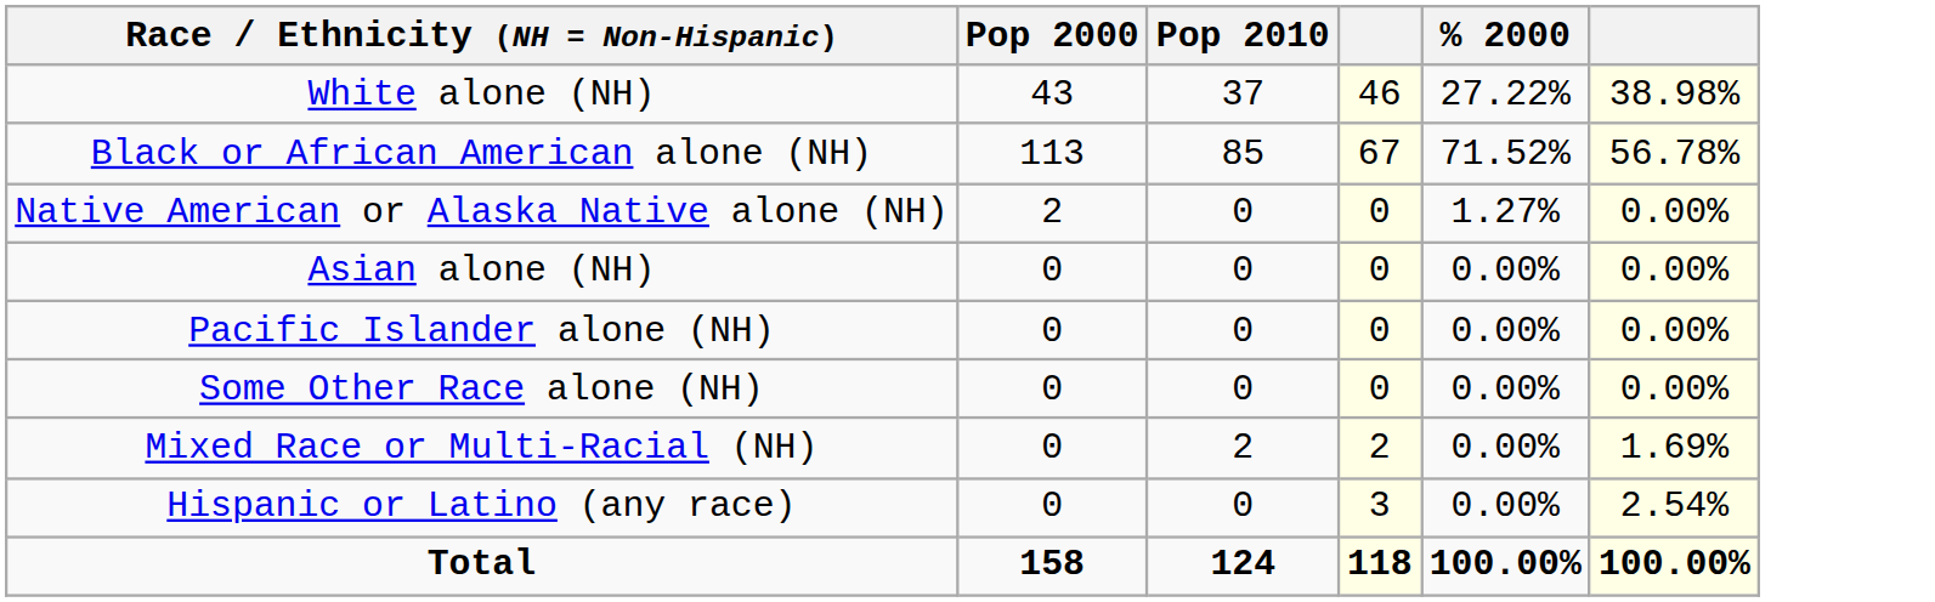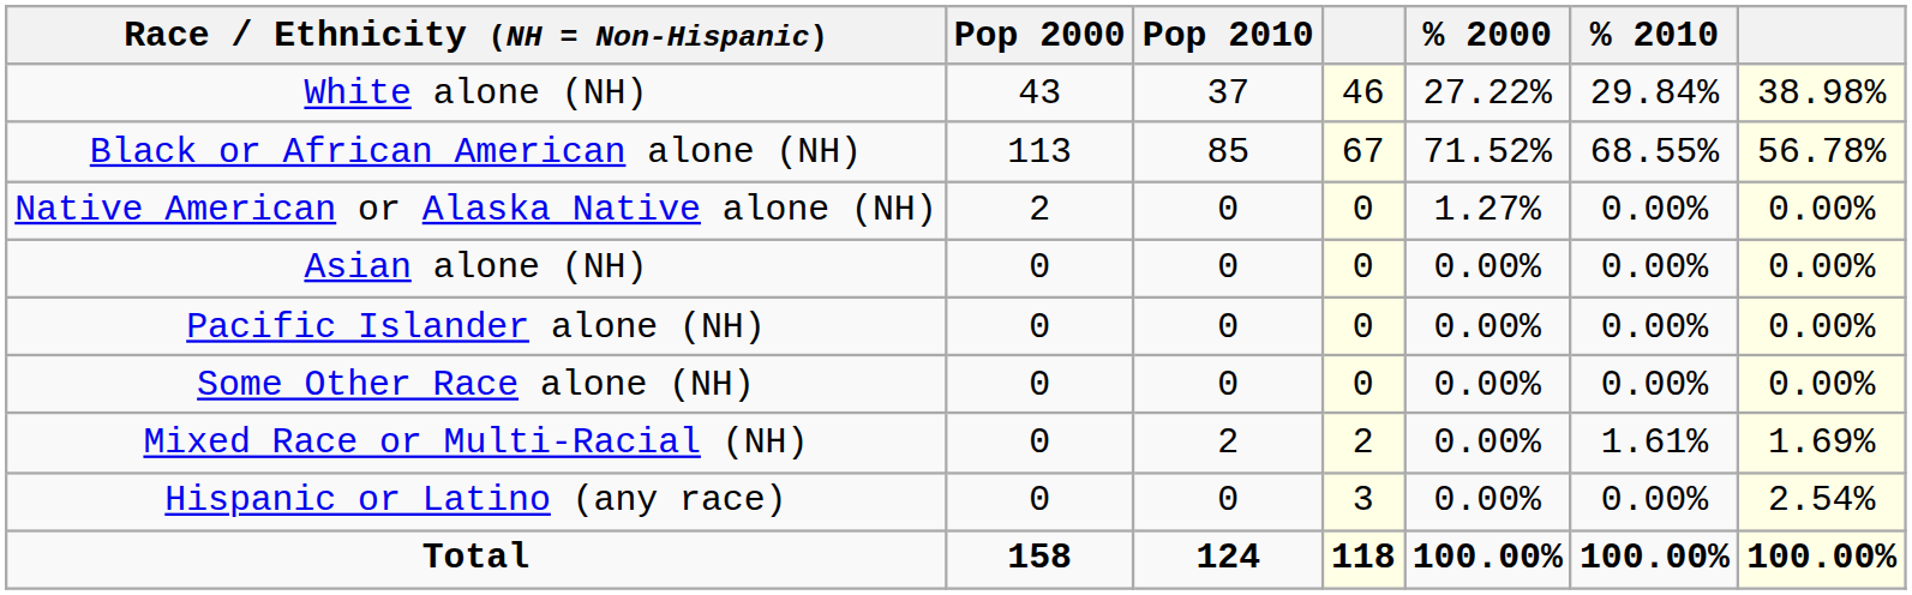 <table class="wikitable"  style="text-align:center;">
 <tr>
 <th>Race / Ethnicity <small>(<em>NH = Non-Hispanic</em>)</small></th>
 <th>Pop 2000</th>
 <th>Pop 2010</th>
 <th></th>
 <th>% 2000</th>
+<th>% 2010</th>
 <th></th>
 </tr>
 <tr>
 <td><a href='#'>White</a> alone (NH)</td>
 <td>43</td>
 <td>37</td>
 <td style='background: #ffffe6;'>46</td>
 <td>27.22%</td>
+<td>29.84%</td>
 <td style='background: #ffffe6;'>38.98%</td>
 </tr>
 <tr>
 <td><a href='#'>Black or African American</a> alone (NH)</td>
 <td>113</td>
 <td>85</td>
 <td style='background: #ffffe6;'>67</td>
 <td>71.52%</td>
+<td>68.55%</td>
 <td style='background: #ffffe6;'>56.78%</td>
 </tr>
 <tr>
 <td><a href='#'>Native American</a> or <a href='#'>Alaska Native</a> alone (NH)</td>
 <td>2</td>
 <td>0</td>
 <td style='background: #ffffe6;'>0</td>
 <td>1.27%</td>
+<td>0.00%</td>
 <td style='background: #ffffe6;'>0.00%</td>
 </tr>
 <tr>
 <td><a href='#'>Asian</a> alone (NH)</td>
 <td>0</td>
 <td>0</td>
 <td style='background: #ffffe6;'>0</td>
+<td>0.00%</td>
 <td>0.00%</td>
 <td style='background: #ffffe6;'>0.00%</td>
 </tr>
 <tr>
 <td><a href='#'>Pacific Islander</a> alone (NH)</td>
 <td>0</td>
 <td>0</td>
 <td style='background: #ffffe6;'>0</td>
 <td>0.00%</td>
+<td>0.00%</td>
 <td style='background: #ffffe6;'>0.00%</td>
 </tr>
 <tr>
 <td><a href='#'>Some Other Race</a> alone (NH)</td>
 <td>0</td>
 <td>0</td>
 <td style='background: #ffffe6;'>0</td>
+<td>0.00%</td>
 <td>0.00%</td>
 <td style='background: #ffffe6;'>0.00%</td>
 </tr>
 <tr>
 <td><a href='#'>Mixed Race or Multi-Racial</a> (NH)</td>
 <td>0</td>
 <td>2</td>
 <td style='background: #ffffe6;'>2</td>
 <td>0.00%</td>
+<td>1.61%</td>
 <td style='background: #ffffe6;'>1.69%</td>
 </tr>
 <tr>
 <td><a href='#'>Hispanic or Latino</a> (any race)</td>
 <td>0</td>
 <td>0</td>
 <td style='background: #ffffe6;'>3</td>
+<td>0.00%</td>
 <td>0.00%</td>
 <td style='background: #ffffe6;'>2.54%</td>
 </tr>
 <tr>
 <td><strong>Total</strong></td>
 <td><strong>158</strong></td>
 <td><strong>124</strong></td>
 <td style='background: #ffffe6;'><strong>118</strong></td>
 <td><strong>100.00%</strong></td>
+<td><strong>100.00%</strong></td>
 <td style='background: #ffffe6;'><strong>100.00%</strong></td>
 </tr>
 </table>
